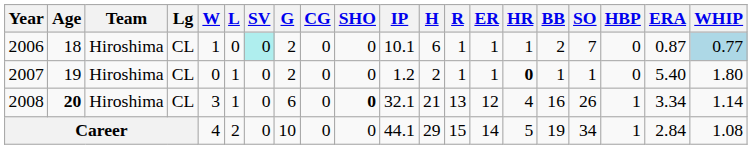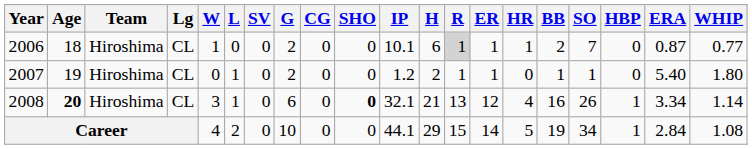 <table class="wikitable" style="text-align: right">
 <tr style="text-align: center">
 <th>Year</th>
 <th>Age</th>
 <th>Team</th>
 <th>Lg</th>
 <th><a href='#'>W</a></th>
 <th><a href='#'>L</a></th>
 <th><a href='#'>SV</a></th>
 <th><a href='#'>G</a></th>
 <th><a href='#'>CG</a></th>
 <th><a href='#'>SHO</a></th>
 <th><a href='#'>IP</a></th>
 <th><a href='#'>H</a></th>
 <th><a href='#'>R</a></th>
 <th><a href='#'>ER</a></th>
 <th><a href='#'>HR</a></th>
 <th><a href='#'>BB</a></th>
 <th><a href='#'>SO</a></th>
 <th><a href='#'>HBP</a></th>
 <th><a href='#'>ERA</a></th>
 <th><a href='#'>WHIP</a></th>
 </tr>
 <tr>
 <td>2006</td>
 <td>18</td>
 <td>Hiroshima</td>
 <td>CL</td>
 <td>1</td>
 <td>0</td>
-<td style="background: paleturquoise;">0</td>
+<td>0</td>
 <td>2</td>
 <td>0</td>
 <td>0</td>
 <td>10.1</td>
 <td>6</td>
-<td>1</td>
+<td style="background: lightgrey;">1</td>
 <td>1</td>
 <td>1</td>
 <td>2</td>
 <td>7</td>
 <td>0</td>
 <td>0.87</td>
-<td style="background: lightblue;">0.77</td>
+<td>0.77</td>
 </tr>
 <tr>
 <td>2007</td>
 <td>19</td>
 <td>Hiroshima</td>
 <td>CL</td>
 <td>0</td>
 <td>1</td>
 <td>0</td>
 <td>2</td>
 <td>0</td>
 <td>0</td>
 <td>1.2</td>
 <td>2</td>
 <td>1</td>
 <td>1</td>
-<td><strong>0</strong></td>
+<td>0</td>
 <td>1</td>
 <td>1</td>
 <td>0</td>
 <td>5.40</td>
 <td>1.80</td>
 </tr>
 <tr>
 <td>2008</td>
 <td><strong>20</strong></td>
 <td>Hiroshima</td>
 <td>CL</td>
 <td>3</td>
 <td>1</td>
 <td>0</td>
 <td>6</td>
 <td>0</td>
 <td><strong>0</strong></td>
 <td>32.1</td>
 <td>21</td>
 <td>13</td>
 <td>12</td>
 <td>4</td>
 <td>16</td>
 <td>26</td>
 <td>1</td>
 <td>3.34</td>
 <td>1.14</td>
 </tr>
 <tr>
 <th colspan="4">Career</th>
 <td>4</td>
 <td>2</td>
 <td>0</td>
 <td>10</td>
 <td>0</td>
 <td>0</td>
 <td>44.1</td>
 <td>29</td>
 <td>15</td>
 <td>14</td>
 <td>5</td>
 <td>19</td>
 <td>34</td>
 <td>1</td>
 <td>2.84</td>
 <td>1.08</td>
 </tr>
 </table>
